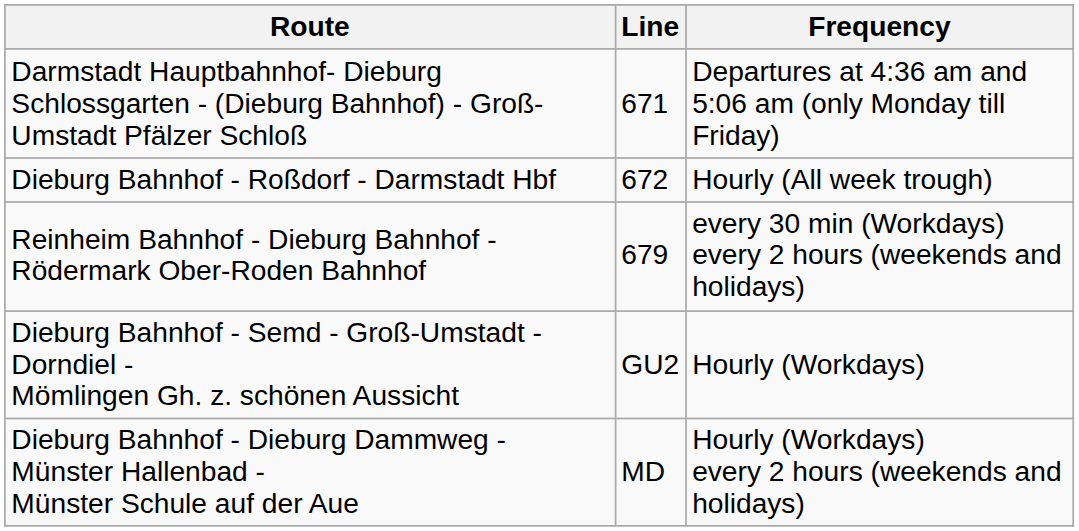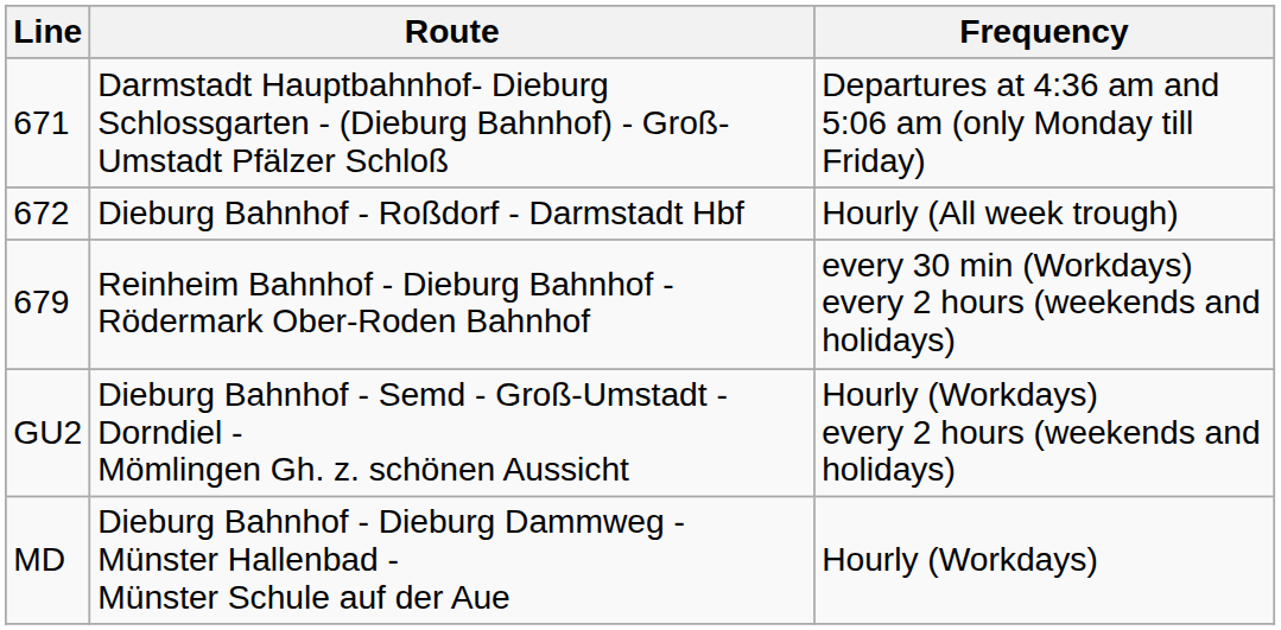 <table class="wikitable">
 <tr>
+<th>Line</th>
 <th>Route</th>
-<th>Line</th>
 <th>Frequency</th>
 </tr>
 <tr>
+<td>671</td>
 <td>Darmstadt Hauptbahnhof- Dieburg Schlossgarten - (Dieburg Bahnhof) - Groß-Umstadt Pfälzer Schloß</td>
-<td>671</td>
 <td>Departures at 4:36 am and 5:06 am (only Monday till Friday)</td>
 </tr>
 <tr>
+<td>672</td>
 <td>Dieburg Bahnhof - Roßdorf - Darmstadt Hbf</td>
-<td>672</td>
 <td>Hourly (All week trough)</td>
 </tr>
 <tr>
+<td>679</td>
 <td>Reinheim Bahnhof - Dieburg Bahnhof - Rödermark Ober-Roden Bahnhof</td>
-<td>679</td>
 <td>every 30 min (Workdays)<br>every 2 hours (weekends and holidays)</td>
 </tr>
 <tr>
+<td>GU2</td>
 <td>Dieburg Bahnhof - Semd - Groß-Umstadt - Dorndiel -<br>Mömlingen Gh. z. schönen Aussicht</td>
-<td>GU2</td>
+<td>Hourly (Workdays)<br>every 2 hours (weekends and holidays)</td>
+</tr>
+<tr>
+<td>MD</td>
+<td>Dieburg Bahnhof - Dieburg Dammweg - Münster Hallenbad -<br>Münster Schule auf der Aue</td>
 <td>Hourly (Workdays)</td>
 </tr>
-<tr>
-<td>Dieburg Bahnhof - Dieburg Dammweg - Münster Hallenbad -<br>Münster Schule auf der Aue</td>
-<td>MD</td>
-<td>Hourly (Workdays)<br>every 2 hours (weekends and holidays)</td>
-</tr>
 </table>
